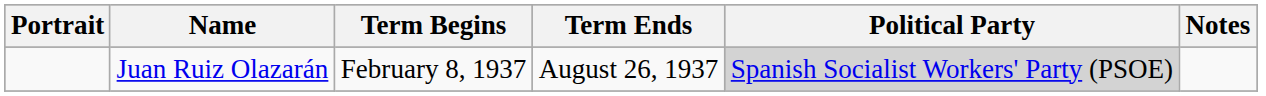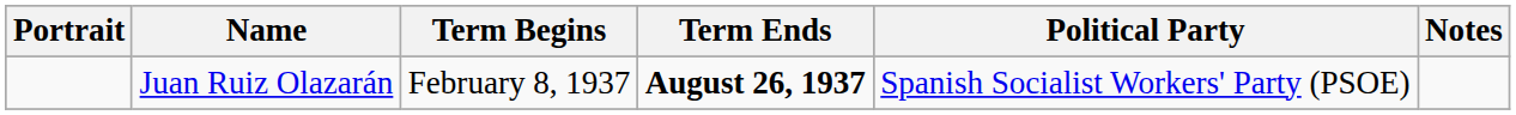 <table class="wikitable">
 <tr>
 <th>Portrait</th>
 <th>Name</th>
 <th>Term Begins</th>
 <th>Term Ends</th>
 <th>Political Party</th>
 <th>Notes</th>
 </tr>
 <tr>
 <td></td>
 <td><a href='#'>Juan Ruiz Olazarán</a></td>
 <td>February 8, 1937</td>
-<td>August 26, 1937</td>
-<td style="background: lightgrey;"><a href='#'>Spanish Socialist Workers' Party</a> (PSOE)</td>
+<td><strong>August 26, 1937</strong></td>
+<td><a href='#'>Spanish Socialist Workers' Party</a> (PSOE)</td>
 </tr>
 </table>
